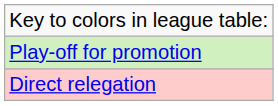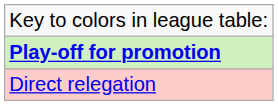 <table class="wikitable">
 <tr>
 <td>Key to colors in league table:</td>
 </tr>
 <tr style="background:#D0F0C0;">
-<td><a href='#'>Play-off for promotion</a></td>
+<td><strong><a href='#'>Play-off for promotion</a></strong></td>
 </tr>
 <tr style="background:#FFCCCC">
 <td><a href='#'>Direct relegation</a></td>
 </tr>
 </table>
